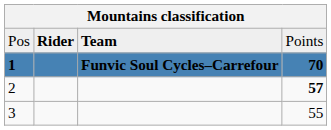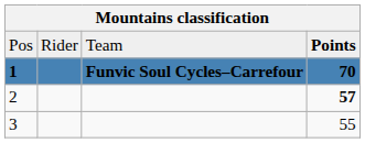 <table class="wikitable">
 <tr>
 <th colspan=4>Mountains classification</th>
 </tr>
 <tr bgcolor=#efefef>
 <td>Pos</td>
-<td><strong>Rider</strong></td>
-<td><strong>Team</strong></td>
-<td>Points</td>
+<td>Rider</td>
+<td>Team</td>
+<td><strong>Points</strong></td>
 </tr>
 <tr style="background:steelblue;">
 <td><strong>1</strong></td>
 <td><strong> </strong></td>
 <td><strong>Funvic Soul Cycles–Carrefour</strong></td>
 <td align="right"><strong>70</strong></td>
 </tr>
 <tr>
 <td>2</td>
 <td></td>
 <td></td>
 <td align="right"><strong>57</strong></td>
 </tr>
 <tr>
 <td>3</td>
 <td></td>
 <td></td>
 <td align="right">55</td>
 </tr>
 </table>
